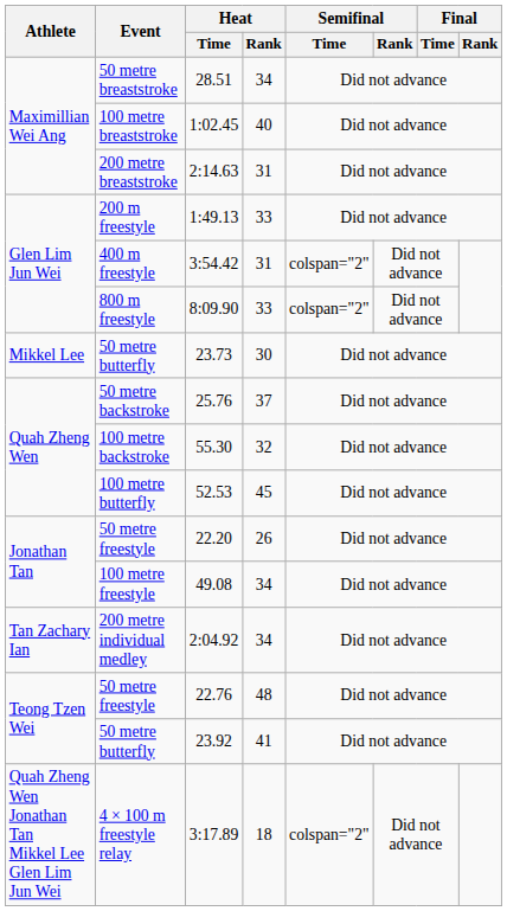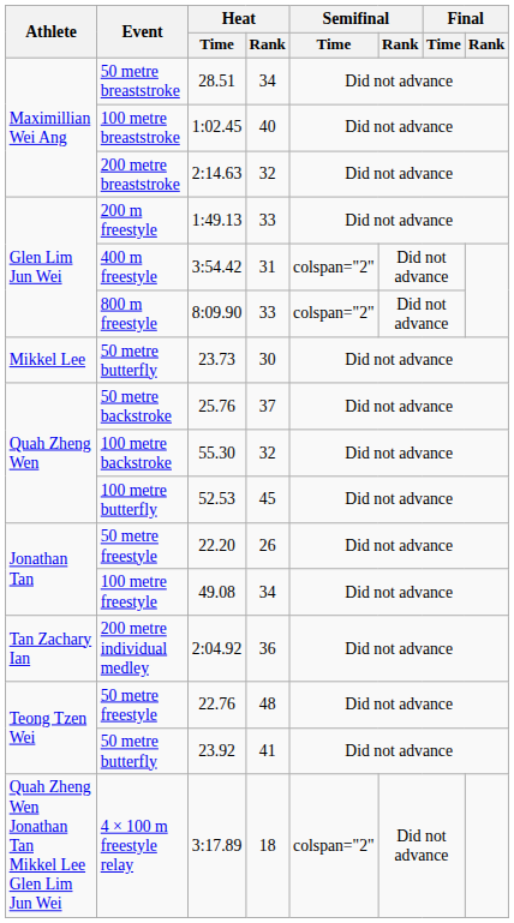 <table class="wikitable" style="text-align:center; font-size:90%; width:50%;">
 <tr>
 <th rowspan="2">Athlete</th>
 <th rowspan="2">Event</th>
 <th colspan="2">Heat</th>
 <th colspan="2">Semifinal</th>
 <th colspan="2">Final</th>
 </tr>
 <tr style="font-size:95%">
 <th>Time</th>
 <th>Rank</th>
 <th>Time</th>
 <th>Rank</th>
 <th>Time</th>
 <th>Rank</th>
 </tr>
 <tr align=center>
 <td align=left rowspan=3><a href='#'>Maximillian Wei Ang</a></td>
 <td align=left><a href='#'>50 metre breaststroke</a></td>
 <td>28.51</td>
 <td>34</td>
 <td colspan=4>Did not advance</td>
 </tr>
 <tr align=center>
 <td align=left><a href='#'>100 metre breaststroke</a></td>
 <td>1:02.45</td>
 <td>40</td>
 <td colspan=4>Did not advance</td>
 </tr>
 <tr align=center>
 <td align=left><a href='#'>200 metre breaststroke</a></td>
 <td>2:14.63</td>
-<td>31</td>
+<td>32</td>
 <td colspan=4>Did not advance</td>
 </tr>
 <tr align=center>
 <td align=left rowspan="3"><a href='#'>Glen Lim Jun Wei</a></td>
 <td align=left><a href='#'>200 m freestyle</a></td>
 <td>1:49.13</td>
 <td>33</td>
 <td colspan=4>Did not advance</td>
 </tr>
 <tr align=center>
 <td align=left><a href='#'>400 m freestyle</a></td>
 <td>3:54.42</td>
 <td>31</td>
 <td>colspan="2" </td>
 <td colspan="2">Did not advance</td>
 </tr>
 <tr align=center>
 <td align=left><a href='#'>800 m freestyle</a></td>
 <td>8:09.90</td>
 <td>33</td>
 <td>colspan="2" </td>
 <td colspan="2">Did not advance</td>
 </tr>
 <tr align=center>
 <td align=left><a href='#'>Mikkel Lee</a></td>
 <td align=left><a href='#'>50 metre butterfly</a></td>
 <td>23.73</td>
 <td>30</td>
 <td colspan=4>Did not advance</td>
 </tr>
 <tr>
 <td align=left rowspan=3><a href='#'>Quah Zheng Wen</a></td>
 <td align=left><a href='#'>50 metre backstroke</a></td>
 <td>25.76</td>
 <td>37</td>
 <td colspan=4>Did not advance</td>
 </tr>
 <tr>
 <td align=left><a href='#'>100 metre backstroke</a></td>
 <td>55.30</td>
 <td>32</td>
 <td colspan=4>Did not advance</td>
 </tr>
 <tr>
 <td align=left><a href='#'>100 metre butterfly</a></td>
 <td>52.53</td>
 <td>45</td>
 <td colspan=4>Did not advance</td>
 </tr>
 <tr>
 <td align=left rowspan=2><a href='#'>Jonathan Tan</a></td>
 <td align=left><a href='#'>50 metre freestyle</a></td>
 <td>22.20</td>
 <td>26</td>
 <td colspan=4>Did not advance</td>
 </tr>
 <tr>
 <td align=left><a href='#'>100 metre freestyle</a></td>
 <td>49.08</td>
 <td>34</td>
 <td colspan=4>Did not advance</td>
 </tr>
 <tr>
 <td align=left><a href='#'>Tan Zachary Ian</a></td>
 <td align=left><a href='#'>200 metre individual medley</a></td>
 <td>2:04.92</td>
-<td>34</td>
+<td>36</td>
 <td colspan=4>Did not advance</td>
 </tr>
 <tr align=center>
 <td align=left rowspan=2><a href='#'>Teong Tzen Wei</a></td>
 <td align=left><a href='#'>50 metre freestyle</a></td>
 <td>22.76</td>
 <td>48</td>
 <td colspan=4>Did not advance</td>
 </tr>
 <tr align=center>
 <td align=left><a href='#'>50 metre butterfly</a></td>
 <td>23.92</td>
 <td>41</td>
 <td colspan=4>Did not advance</td>
 </tr>
 <tr align=center>
 <td align=left><a href='#'>Quah Zheng Wen</a> <br><a href='#'>Jonathan Tan</a><br><a href='#'>Mikkel Lee</a> <br><a href='#'>Glen Lim Jun Wei</a></td>
 <td align=left><a href='#'>4 × 100 m freestyle relay</a></td>
 <td>3:17.89</td>
 <td>18</td>
 <td>colspan="2" </td>
 <td colspan="2">Did not advance</td>
 </tr>
 </table>
